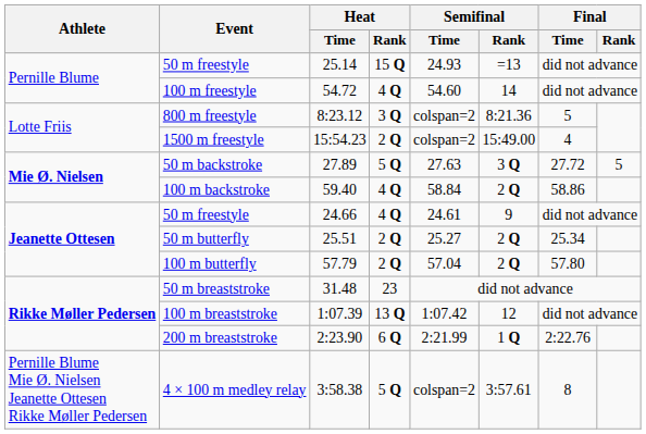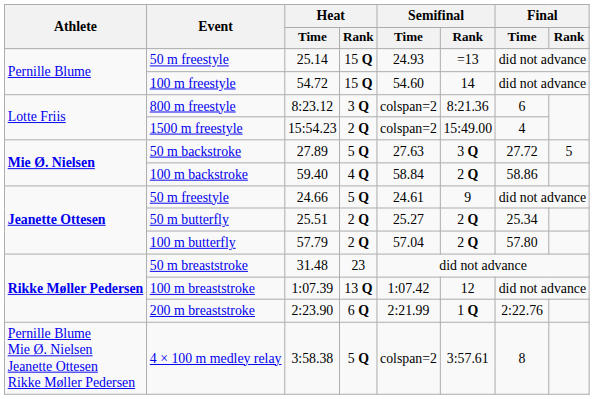 <table class=wikitable style="font-size:90%">
 <tr>
 <th rowspan=2>Athlete</th>
 <th rowspan=2>Event</th>
 <th colspan="2">Heat</th>
 <th colspan="2">Semifinal</th>
 <th colspan="2">Final</th>
 </tr>
 <tr style="font-size:95%">
 <th>Time</th>
 <th>Rank</th>
 <th>Time</th>
 <th>Rank</th>
 <th>Time</th>
 <th>Rank</th>
 </tr>
 <tr align=center>
 <td align=left rowspan=2><a href='#'>Pernille Blume</a></td>
 <td align=left><a href='#'>50 m freestyle</a></td>
 <td>25.14</td>
 <td>15 <strong>Q</strong></td>
 <td>24.93</td>
 <td>=13</td>
 <td colspan=2>did not advance</td>
 </tr>
 <tr align=center>
 <td align=left><a href='#'>100 m freestyle</a></td>
 <td>54.72</td>
-<td>4 <strong>Q</strong></td>
+<td>15 <strong>Q</strong></td>
 <td>54.60</td>
 <td>14</td>
 <td colspan=2>did not advance</td>
 </tr>
 <tr align=center>
 <td align=left rowspan=2><a href='#'>Lotte Friis</a></td>
 <td align=left><a href='#'>800 m freestyle</a></td>
 <td>8:23.12</td>
 <td>3 <strong>Q</strong></td>
 <td>colspan=2 </td>
 <td>8:21.36</td>
-<td>5</td>
+<td>6</td>
 </tr>
 <tr align=center>
 <td align=left><a href='#'>1500 m freestyle</a></td>
 <td>15:54.23</td>
 <td>2 <strong>Q</strong></td>
 <td>colspan=2 </td>
 <td>15:49.00</td>
 <td>4</td>
 </tr>
 <tr align=center>
 <td align=left rowspan=2><strong><a href='#'>Mie Ø. Nielsen</a></strong></td>
 <td align=left><a href='#'>50 m backstroke</a></td>
 <td>27.89</td>
 <td>5 <strong>Q</strong></td>
 <td>27.63</td>
 <td>3 <strong>Q</strong></td>
 <td>27.72</td>
 <td>5</td>
 </tr>
 <tr align=center>
 <td align=left><a href='#'>100 m backstroke</a></td>
 <td>59.40</td>
 <td>4 <strong>Q</strong></td>
 <td>58.84</td>
 <td>2 <strong>Q</strong></td>
 <td>58.86</td>
 <td></td>
 </tr>
 <tr align=center>
 <td align=left rowspan=3><strong><a href='#'>Jeanette Ottesen</a></strong></td>
 <td align=left><a href='#'>50 m freestyle</a></td>
 <td>24.66</td>
-<td>4 <strong>Q</strong></td>
+<td>5 <strong>Q</strong></td>
 <td>24.61</td>
 <td>9</td>
 <td colspan=2>did not advance</td>
 </tr>
 <tr align=center>
 <td align=left><a href='#'>50 m butterfly</a></td>
 <td>25.51</td>
 <td>2 <strong>Q</strong></td>
 <td>25.27</td>
 <td>2 <strong>Q</strong></td>
 <td>25.34</td>
 <td></td>
 </tr>
 <tr align=center>
 <td align=left><a href='#'>100 m butterfly</a></td>
 <td>57.79</td>
 <td>2 <strong>Q</strong></td>
 <td>57.04</td>
 <td>2 <strong>Q</strong></td>
 <td>57.80</td>
 <td></td>
 </tr>
 <tr align=center>
 <td align=left rowspan=3><strong><a href='#'>Rikke Møller Pedersen</a></strong></td>
 <td align=left><a href='#'>50 m breaststroke</a></td>
 <td>31.48</td>
 <td>23</td>
 <td colspan=4>did not advance</td>
 </tr>
 <tr align=center>
 <td align=left><a href='#'>100 m breaststroke</a></td>
 <td>1:07.39</td>
 <td>13 <strong>Q</strong></td>
 <td>1:07.42</td>
 <td>12</td>
 <td colspan=2>did not advance</td>
 </tr>
 <tr align=center>
 <td align=left><a href='#'>200 m breaststroke</a></td>
 <td>2:23.90</td>
 <td>6 <strong>Q</strong></td>
 <td>2:21.99</td>
 <td>1 <strong>Q</strong></td>
 <td>2:22.76</td>
 <td></td>
 </tr>
 <tr align=center>
 <td align=left><a href='#'>Pernille Blume</a><br><a href='#'>Mie Ø. Nielsen</a><br><a href='#'>Jeanette Ottesen</a><br><a href='#'>Rikke Møller Pedersen</a></td>
 <td align=left><a href='#'>4 × 100 m medley relay</a></td>
 <td>3:58.38</td>
 <td>5 <strong>Q</strong></td>
 <td>colspan=2 </td>
 <td>3:57.61</td>
 <td>8</td>
 </tr>
 </table>
